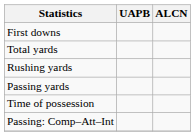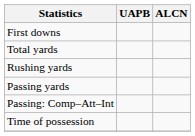 <table class="wikitable" style="float: left;">
 <tr>
 <th>Statistics</th>
 <th>UAPB</th>
 <th>ALCN</th>
 </tr>
 <tr>
 <td>First downs</td>
 <td></td>
 <td></td>
 </tr>
 <tr>
 <td>Total yards</td>
 <td></td>
 <td></td>
 </tr>
 <tr>
 <td>Rushing yards</td>
 <td></td>
 <td></td>
 </tr>
 <tr>
 <td>Passing yards</td>
 <td></td>
 <td></td>
 </tr>
 <tr>
-<td>Time of possession</td>
+<td>Passing: Comp–Att–Int</td>
 <td></td>
 <td></td>
 </tr>
 <tr>
-<td>Passing: Comp–Att–Int</td>
+<td>Time of possession</td>
 <td></td>
 <td></td>
 </tr>
 <tr>
 </tr>
 </table>
